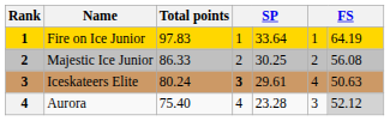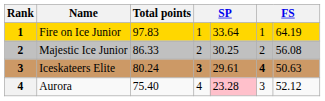 <table class="wikitable sortable">
 <tr>
 <th>Rank</th>
 <th>Name</th>
 <th>Total points</th>
 <th colspan="2" width="80px"><a href='#'>SP</a></th>
 <th colspan="2" width="80px"><a href='#'>FS</a></th>
 </tr>
 <tr bgcolor="gold">
 <td align="center"><strong>1</strong></td>
 <td>Fire on Ice Junior</td>
 <td>97.83</td>
 <td>1</td>
 <td>33.64</td>
 <td>1</td>
 <td>64.19</td>
 </tr>
 <tr bgcolor="silver">
 <td align="center"><strong>2</strong></td>
 <td>Majestic Ice Junior</td>
 <td>86.33</td>
 <td>2</td>
 <td>30.25</td>
 <td>2</td>
 <td>56.08</td>
 </tr>
 <tr bgcolor="cc9966">
 <td align="center"><strong>3</strong></td>
 <td>Iceskateers Elite</td>
 <td>80.24</td>
 <td><strong>3</strong></td>
 <td>29.61</td>
-<td>4</td>
+<td><strong>4</strong></td>
 <td>50.63</td>
 </tr>
 <tr>
 <th>4</th>
 <td>Aurora</td>
 <td>75.40</td>
 <td>4</td>
-<td>23.28</td>
+<td style="background: pink;">23.28</td>
 <td>3</td>
-<td style="background: lightgrey;">52.12</td>
+<td>52.12</td>
 </tr>
 </table>
